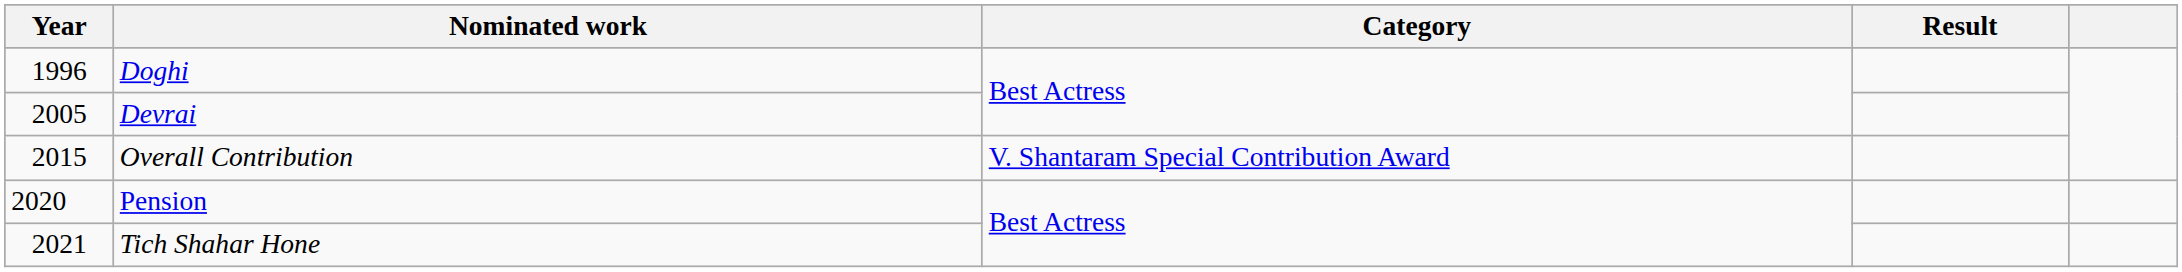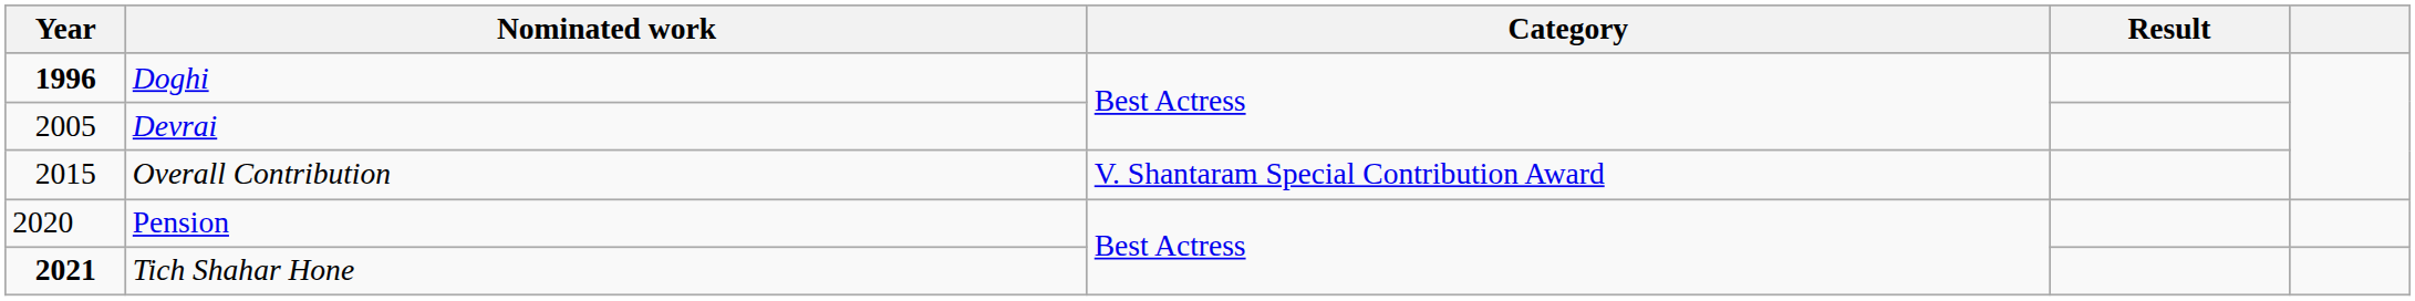 <table class="wikitable sortable" width="100%">
 <tr>
 <th width="5%">Year</th>
 <th width="40%">Nominated work</th>
 <th width="40%">Category</th>
 <th width="10%">Result</th>
 <th width="5%"></th>
 </tr>
 <tr>
-<td style="text-align:center;">1996</td>
+<td style="text-align:center;"><strong>1996</strong></td>
 <td><em><a href='#'>Doghi</a></em></td>
 <td rowspan="2"><a href='#'>Best Actress</a></td>
 <td></td>
 <td rowspan="3" style="text-align:center;"></td>
 </tr>
 <tr>
 <td style="text-align:center;">2005</td>
 <td><em><a href='#'>Devrai</a></em></td>
 <td></td>
 </tr>
 <tr>
 <td style="text-align:center;">2015</td>
 <td><em>Overall Contribution</em></td>
 <td><a href='#'>V. Shantaram Special Contribution Award</a></td>
 <td></td>
 </tr>
 <tr>
 <td>2020</td>
 <td><a href='#'>Pension</a></td>
 <td Rowspan="2"><a href='#'>Best Actress</a></td>
 <td></td>
 <td></td>
 </tr>
 <tr>
-<td style="text-align:center;">2021</td>
+<td style="text-align:center;"><strong>2021</strong></td>
 <td><em>Tich Shahar Hone</em></td>
 <td></td>
 <td></td>
 </tr>
 </table>
